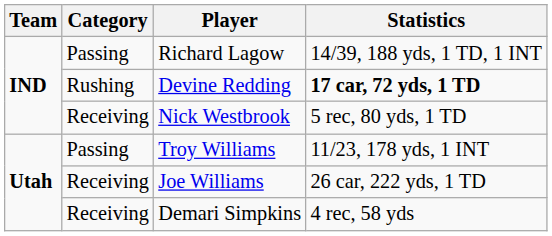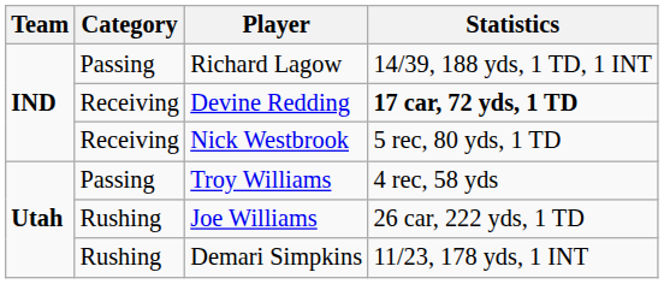 <table class="wikitable">
 <tr>
 <th>Team</th>
 <th>Category</th>
 <th>Player</th>
 <th>Statistics</th>
 </tr>
 <tr>
 <td rowspan=3><strong>IND</strong></td>
 <td>Passing</td>
 <td>Richard Lagow</td>
 <td>14/39, 188 yds, 1 TD, 1 INT</td>
 </tr>
 <tr>
-<td>Rushing</td>
+<td>Receiving</td>
 <td><a href='#'>Devine Redding</a></td>
 <td><strong>17 car, 72 yds, 1 TD</strong></td>
 </tr>
 <tr>
 <td>Receiving</td>
 <td><a href='#'>Nick Westbrook</a></td>
 <td>5 rec, 80 yds, 1 TD</td>
 </tr>
 <tr>
 <td rowspan=3><strong>Utah</strong></td>
 <td>Passing</td>
 <td><a href='#'>Troy Williams</a></td>
-<td>11/23, 178 yds, 1 INT</td>
+<td>4 rec, 58 yds</td>
 </tr>
 <tr>
-<td>Receiving</td>
+<td>Rushing</td>
 <td><a href='#'>Joe Williams</a></td>
 <td>26 car, 222 yds, 1 TD</td>
 </tr>
 <tr>
-<td>Receiving</td>
+<td>Rushing</td>
 <td>Demari Simpkins</td>
-<td>4 rec, 58 yds</td>
+<td>11/23, 178 yds, 1 INT</td>
 </tr>
 </table>
